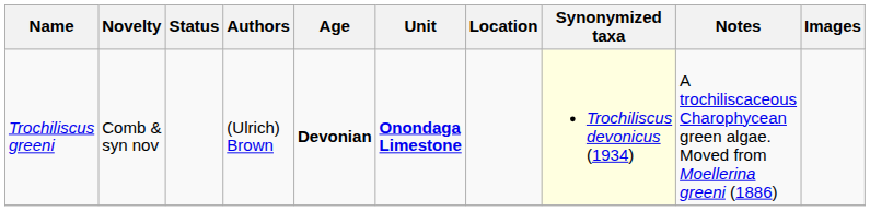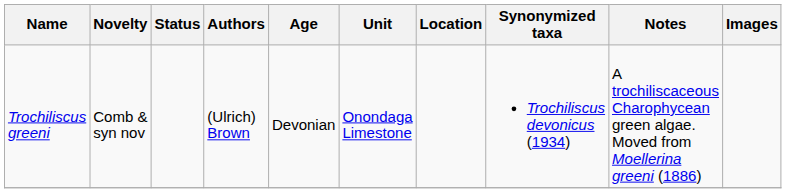 <table class="wikitable sortable" align="center" width="80%">
 <tr>
 <th>Name</th>
 <th>Novelty</th>
 <th>Status</th>
 <th>Authors</th>
 <th>Age</th>
 <th>Unit</th>
 <th>Location</th>
 <th>Synonymized taxa</th>
 <th>Notes</th>
 <th>Images</th>
 </tr>
 <tr>
 <td><br><em><a href='#'>Trochiliscus greeni</a></em></td>
 <td><br>Comb & syn nov</td>
 <td></td>
 <td><br>(Ulrich) <a href='#'>Brown</a></td>
-<td><strong><br>Devonian</strong></td>
-<td><strong><br><a href='#'>Onondaga Limestone</a></strong></td>
+<td><br>Devonian</td>
+<td><br><a href='#'>Onondaga Limestone</a></td>
 <td><br><br></td>
-<td style="background: lightyellow;"><br><ul><li><em><a href='#'>Trochiliscus devonicus</a></em> (<a href='#'>1934</a>)</li></ul></td>
+<td><br><ul><li><em><a href='#'>Trochiliscus devonicus</a></em> (<a href='#'>1934</a>)</li></ul></td>
 <td><br>A <a href='#'>trochiliscaceous</a> <a href='#'>Charophycean</a> green algae.<br>Moved from <em><a href='#'>Moellerina greeni</a></em> (<a href='#'>1886</a>)</td>
 <td></td>
 </tr>
 <tr>
 </tr>
 </table>
